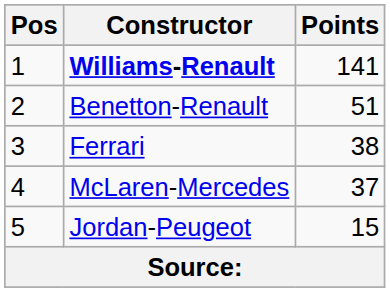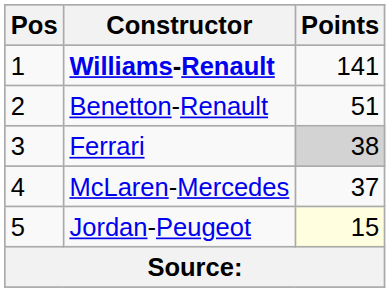 <table class="wikitable" style="font-size: 95%;">
 <tr>
 <th>Pos</th>
 <th>Constructor</th>
 <th>Points</th>
 </tr>
 <tr>
 <td>1</td>
 <td> <strong><a href='#'>Williams</a>-<a href='#'>Renault</a></strong></td>
 <td align="right">141</td>
 </tr>
 <tr>
 <td>2</td>
 <td> <a href='#'>Benetton</a>-<a href='#'>Renault</a></td>
 <td align="right">51</td>
 </tr>
 <tr>
 <td>3</td>
 <td> <a href='#'>Ferrari</a></td>
-<td align="right">38</td>
+<td align="right" style="background: lightgrey;">38</td>
 </tr>
 <tr>
 <td>4</td>
 <td> <a href='#'>McLaren</a>-<a href='#'>Mercedes</a></td>
 <td align="right">37</td>
 </tr>
 <tr>
 <td>5</td>
 <td> <a href='#'>Jordan</a>-<a href='#'>Peugeot</a></td>
-<td align="right">15</td>
+<td align="right" style="background: lightyellow;">15</td>
 </tr>
 <tr>
 <th colspan=4>Source: </th>
 </tr>
 </table>
